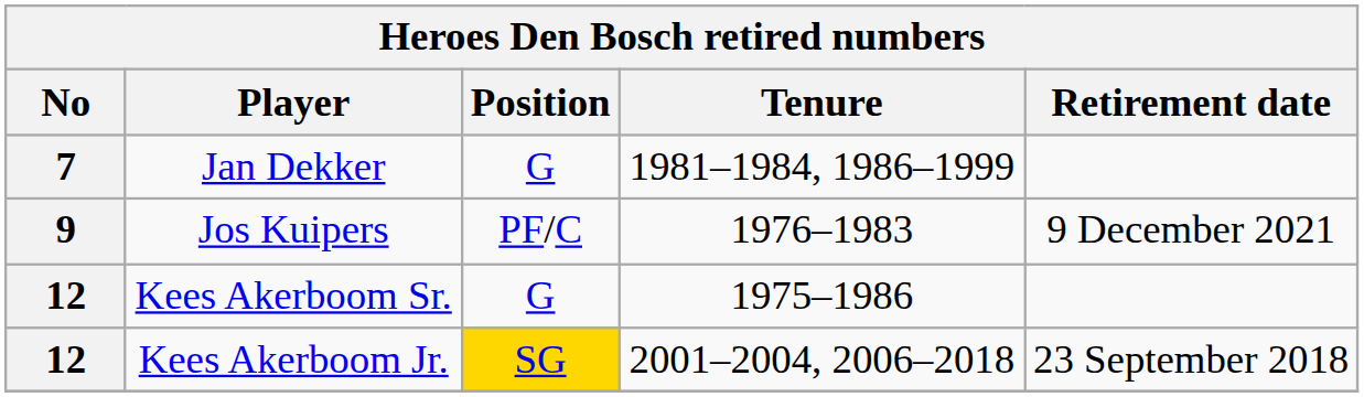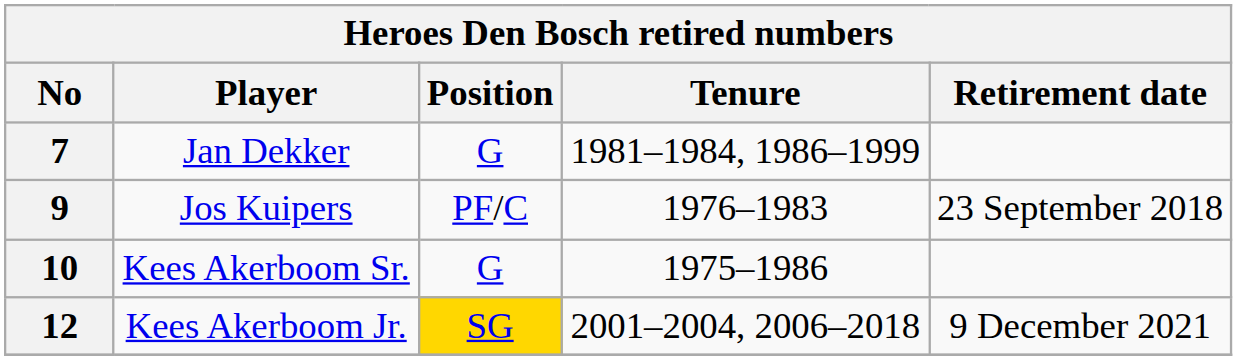 <table class="wikitable plainrowheaders" style="text-align:center;">
 <tr>
 <th colspan=6>Heroes Den Bosch retired numbers</th>
 </tr>
 <tr>
 <th scope="col">No</th>
 <th scope="col">Player</th>
 <th scope="col">Position</th>
 <th scope="col">Tenure</th>
 <th scope="col">Retirement date</th>
 </tr>
 <tr>
 <th scope="row" style="text-align:center;" width=40><strong>7</strong></th>
 <td><a href='#'>Jan Dekker</a></td>
 <td><a href='#'>G</a></td>
 <td>1981–1984, 1986–1999</td>
 <td></td>
 </tr>
 <tr>
 <th scope="row" style="text-align:center;"><strong>9</strong></th>
 <td><a href='#'>Jos Kuipers</a></td>
 <td><a href='#'>PF</a>/<a href='#'>C</a></td>
 <td>1976–1983</td>
-<td>9 December 2021</td>
+<td>23 September 2018</td>
 </tr>
 <tr>
-<th scope="row" style="text-align:center;"><strong>12</strong></th>
+<th scope="row" style="text-align:center;"><strong>10</strong></th>
 <td><a href='#'>Kees Akerboom Sr.</a></td>
 <td><a href='#'>G</a></td>
 <td>1975–1986</td>
 <td></td>
 </tr>
 <tr>
 <th scope="row" style="text-align:center;"><strong>12</strong></th>
 <td><a href='#'>Kees Akerboom Jr.</a></td>
 <td style="background: gold;"><a href='#'>SG</a></td>
 <td>2001–2004, 2006–2018</td>
-<td>23 September 2018</td>
+<td>9 December 2021</td>
 </tr>
 <tr>
 </tr>
 </table>
